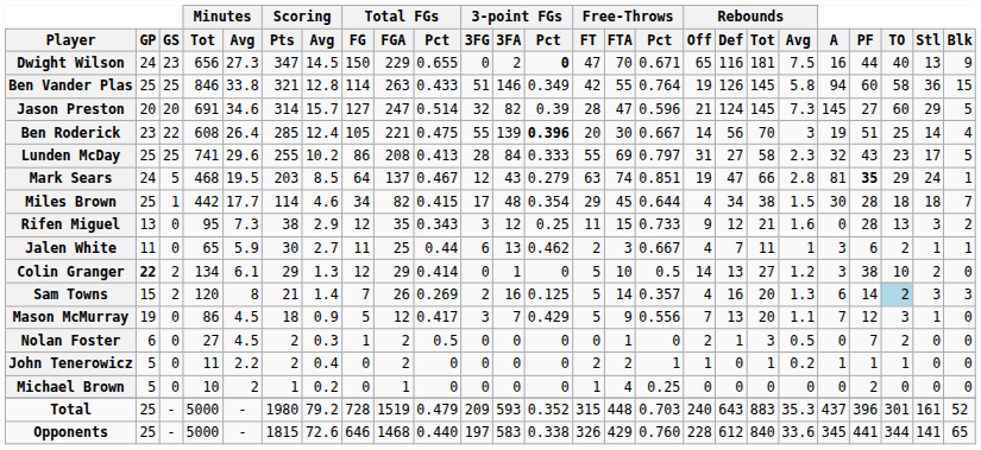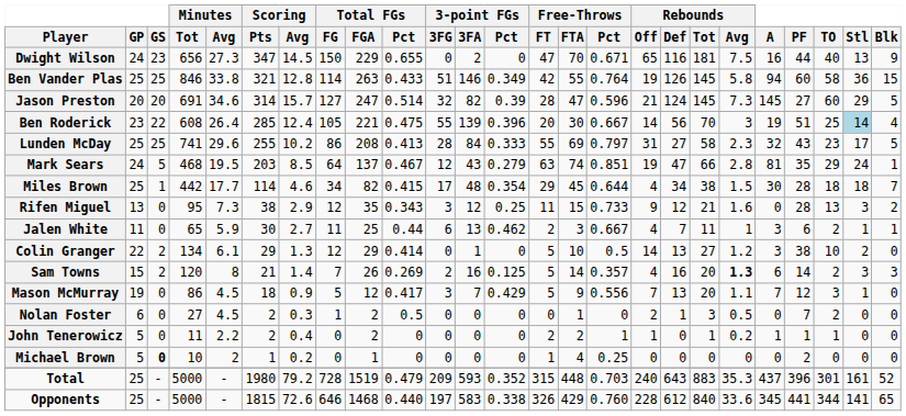 <table class="wikitable sortable" border="1" style="font-size:90%;">
 <tr>
 <th colspan="3" style="border-top-style:hidden; border-left-style:hidden; background: white;"></th>
 <th colspan="2" style=>Minutes</th>
 <th colspan="2" style=>Scoring</th>
 <th colspan="3" style=>Total FGs</th>
 <th colspan="3" style=>3-point FGs</th>
 <th colspan="3" style=>Free-Throws</th>
 <th colspan="4" style=>Rebounds</th>
 <th colspan="5" style="border-top-style:hidden; border-right-style:hidden; background: white;"></th>
 </tr>
 <tr>
 <th scope="col" style=>Player</th>
 <th scope="col" style=>GP</th>
 <th scope="col" style=>GS</th>
 <th scope="col" style=>Tot</th>
 <th scope="col" style=>Avg</th>
 <th scope="col" style=>Pts</th>
 <th scope="col" style=>Avg</th>
 <th scope="col" style=>FG</th>
 <th scope="col" style=>FGA</th>
 <th scope="col" style=>Pct</th>
 <th scope="col" style=>3FG</th>
 <th scope="col" style=>3FA</th>
 <th scope="col" style=>Pct</th>
 <th scope="col" style=>FT</th>
 <th scope="col" style=>FTA</th>
 <th scope="col" style=>Pct</th>
 <th scope="col" style=>Off</th>
 <th scope="col" style=>Def</th>
 <th scope="col" style=>Tot</th>
 <th scope="col" style=>Avg</th>
 <th scope="col" style=>A</th>
 <th scope="col" style=>PF</th>
 <th scope="col" style=>TO</th>
 <th scope="col" style=>Stl</th>
 <th scope="col" style=>Blk</th>
 </tr>
 <tr>
 <th>Dwight Wilson</th>
 <td align="right">24</td>
 <td align="right">23</td>
 <td align="right">656</td>
 <td align="right">27.3</td>
 <td align="right">347</td>
 <td align="right">14.5</td>
 <td align="right">150</td>
 <td align="right">229</td>
 <td align="right">0.655</td>
 <td align="right">0</td>
 <td align="right">2</td>
-<td align="right"><strong>0</strong></td>
+<td align="right">0</td>
 <td align="right">47</td>
 <td align="right">70</td>
 <td align="right">0.671</td>
 <td align="right">65</td>
 <td align="right">116</td>
 <td align="right">181</td>
 <td align="right">7.5</td>
 <td align="right">16</td>
 <td align="right">44</td>
 <td align="right">40</td>
 <td align="right">13</td>
 <td align="right">9</td>
 </tr>
 <tr>
 <th>Ben Vander Plas</th>
 <td align="right">25</td>
 <td align="right">25</td>
 <td align="right">846</td>
 <td align="right">33.8</td>
 <td align="right">321</td>
 <td align="right">12.8</td>
 <td align="right">114</td>
 <td align="right">263</td>
 <td align="right">0.433</td>
 <td align="right">51</td>
 <td align="right">146</td>
 <td align="right">0.349</td>
 <td align="right">42</td>
 <td align="right">55</td>
 <td align="right">0.764</td>
 <td align="right">19</td>
 <td align="right">126</td>
 <td align="right">145</td>
 <td align="right">5.8</td>
 <td align="right">94</td>
 <td align="right">60</td>
 <td align="right">58</td>
 <td align="right">36</td>
 <td align="right">15</td>
 </tr>
 <tr>
 <th>Jason Preston</th>
 <td align="right">20</td>
 <td align="right">20</td>
 <td align="right">691</td>
 <td align="right">34.6</td>
 <td align="right">314</td>
 <td align="right">15.7</td>
 <td align="right">127</td>
 <td align="right">247</td>
 <td align="right">0.514</td>
 <td align="right">32</td>
 <td align="right">82</td>
 <td align="right">0.39</td>
 <td align="right">28</td>
 <td align="right">47</td>
 <td align="right">0.596</td>
 <td align="right">21</td>
 <td align="right">124</td>
 <td align="right">145</td>
 <td align="right">7.3</td>
 <td align="right">145</td>
 <td align="right">27</td>
 <td align="right">60</td>
 <td align="right">29</td>
 <td align="right">5</td>
 </tr>
 <tr>
 <th>Ben Roderick</th>
 <td align="right">23</td>
 <td align="right">22</td>
 <td align="right">608</td>
 <td align="right">26.4</td>
 <td align="right">285</td>
 <td align="right">12.4</td>
 <td align="right">105</td>
 <td align="right">221</td>
 <td align="right">0.475</td>
 <td align="right">55</td>
 <td align="right">139</td>
-<td align="right"><strong>0.396</strong></td>
+<td align="right">0.396</td>
 <td align="right">20</td>
 <td align="right">30</td>
 <td align="right">0.667</td>
 <td align="right">14</td>
 <td align="right">56</td>
 <td align="right">70</td>
 <td align="right">3</td>
 <td align="right">19</td>
 <td align="right">51</td>
 <td align="right">25</td>
-<td align="right">14</td>
+<td align="right" style="background: lightblue;">14</td>
 <td align="right">4</td>
 </tr>
 <tr>
 <th>Lunden McDay</th>
 <td align="right">25</td>
 <td align="right">25</td>
 <td align="right">741</td>
 <td align="right">29.6</td>
 <td align="right">255</td>
 <td align="right">10.2</td>
 <td align="right">86</td>
 <td align="right">208</td>
 <td align="right">0.413</td>
 <td align="right">28</td>
 <td align="right">84</td>
 <td align="right">0.333</td>
 <td align="right">55</td>
 <td align="right">69</td>
 <td align="right">0.797</td>
 <td align="right">31</td>
 <td align="right">27</td>
 <td align="right">58</td>
 <td align="right">2.3</td>
 <td align="right">32</td>
 <td align="right">43</td>
 <td align="right">23</td>
 <td align="right">17</td>
 <td align="right">5</td>
 </tr>
 <tr>
 <th>Mark Sears</th>
 <td align="right">24</td>
 <td align="right">5</td>
 <td align="right">468</td>
 <td align="right">19.5</td>
 <td align="right">203</td>
 <td align="right">8.5</td>
 <td align="right">64</td>
 <td align="right">137</td>
 <td align="right">0.467</td>
 <td align="right">12</td>
 <td align="right">43</td>
 <td align="right">0.279</td>
 <td align="right">63</td>
 <td align="right">74</td>
 <td align="right">0.851</td>
 <td align="right">19</td>
 <td align="right">47</td>
 <td align="right">66</td>
 <td align="right">2.8</td>
 <td align="right">81</td>
-<td align="right"><strong>35</strong></td>
+<td align="right">35</td>
 <td align="right">29</td>
 <td align="right">24</td>
 <td align="right">1</td>
 </tr>
 <tr>
 <th>Miles Brown</th>
 <td align="right">25</td>
 <td align="right">1</td>
 <td align="right">442</td>
 <td align="right">17.7</td>
 <td align="right">114</td>
 <td align="right">4.6</td>
 <td align="right">34</td>
 <td align="right">82</td>
 <td align="right">0.415</td>
 <td align="right">17</td>
 <td align="right">48</td>
 <td align="right">0.354</td>
 <td align="right">29</td>
 <td align="right">45</td>
 <td align="right">0.644</td>
 <td align="right">4</td>
 <td align="right">34</td>
 <td align="right">38</td>
 <td align="right">1.5</td>
 <td align="right">30</td>
 <td align="right">28</td>
 <td align="right">18</td>
 <td align="right">18</td>
 <td align="right">7</td>
 </tr>
 <tr>
 <th>Rifen Miguel</th>
 <td align="right">13</td>
 <td align="right">0</td>
 <td align="right">95</td>
 <td align="right">7.3</td>
 <td align="right">38</td>
 <td align="right">2.9</td>
 <td align="right">12</td>
 <td align="right">35</td>
 <td align="right">0.343</td>
 <td align="right">3</td>
 <td align="right">12</td>
 <td align="right">0.25</td>
 <td align="right">11</td>
 <td align="right">15</td>
 <td align="right">0.733</td>
 <td align="right">9</td>
 <td align="right">12</td>
 <td align="right">21</td>
 <td align="right">1.6</td>
 <td align="right">0</td>
 <td align="right">28</td>
 <td align="right">13</td>
 <td align="right">3</td>
 <td align="right">2</td>
 </tr>
 <tr>
 <th>Jalen White</th>
 <td align="right">11</td>
 <td align="right">0</td>
 <td align="right">65</td>
 <td align="right">5.9</td>
 <td align="right">30</td>
 <td align="right">2.7</td>
 <td align="right">11</td>
 <td align="right">25</td>
 <td align="right">0.44</td>
 <td align="right">6</td>
 <td align="right">13</td>
 <td align="right">0.462</td>
 <td align="right">2</td>
 <td align="right">3</td>
 <td align="right">0.667</td>
 <td align="right">4</td>
 <td align="right">7</td>
 <td align="right">11</td>
 <td align="right">1</td>
 <td align="right">3</td>
 <td align="right">6</td>
 <td align="right">2</td>
 <td align="right">1</td>
 <td align="right">1</td>
 </tr>
 <tr>
 <th>Colin Granger</th>
-<td align="right"><strong>22</strong></td>
+<td align="right">22</td>
 <td align="right">2</td>
 <td align="right">134</td>
 <td align="right">6.1</td>
 <td align="right">29</td>
 <td align="right">1.3</td>
 <td align="right">12</td>
 <td align="right">29</td>
 <td align="right">0.414</td>
 <td align="right">0</td>
 <td align="right">1</td>
 <td align="right">0</td>
 <td align="right">5</td>
 <td align="right">10</td>
 <td align="right">0.5</td>
 <td align="right">14</td>
 <td align="right">13</td>
 <td align="right">27</td>
 <td align="right">1.2</td>
 <td align="right">3</td>
 <td align="right">38</td>
 <td align="right">10</td>
 <td align="right">2</td>
 <td align="right">0</td>
 </tr>
 <tr>
 <th>Sam Towns</th>
 <td align="right">15</td>
 <td align="right">2</td>
 <td align="right">120</td>
 <td align="right">8</td>
 <td align="right">21</td>
 <td align="right">1.4</td>
 <td align="right">7</td>
 <td align="right">26</td>
 <td align="right">0.269</td>
 <td align="right">2</td>
 <td align="right">16</td>
 <td align="right">0.125</td>
 <td align="right">5</td>
 <td align="right">14</td>
 <td align="right">0.357</td>
 <td align="right">4</td>
 <td align="right">16</td>
 <td align="right">20</td>
-<td align="right">1.3</td>
+<td align="right"><strong>1.3</strong></td>
 <td align="right">6</td>
 <td align="right">14</td>
-<td align="right" style="background: lightblue;">2</td>
+<td align="right">2</td>
 <td align="right">3</td>
 <td align="right">3</td>
 </tr>
 <tr>
 <th>Mason McMurray</th>
 <td align="right">19</td>
 <td align="right">0</td>
 <td align="right">86</td>
 <td align="right">4.5</td>
 <td align="right">18</td>
 <td align="right">0.9</td>
 <td align="right">5</td>
 <td align="right">12</td>
 <td align="right">0.417</td>
 <td align="right">3</td>
 <td align="right">7</td>
 <td align="right">0.429</td>
 <td align="right">5</td>
 <td align="right">9</td>
 <td align="right">0.556</td>
 <td align="right">7</td>
 <td align="right">13</td>
 <td align="right">20</td>
 <td align="right">1.1</td>
 <td align="right">7</td>
 <td align="right">12</td>
 <td align="right">3</td>
 <td align="right">1</td>
 <td align="right">0</td>
 </tr>
 <tr>
 <th>Nolan Foster</th>
 <td align="right">6</td>
 <td align="right">0</td>
 <td align="right">27</td>
 <td align="right">4.5</td>
 <td align="right">2</td>
 <td align="right">0.3</td>
 <td align="right">1</td>
 <td align="right">2</td>
 <td align="right">0.5</td>
 <td align="right">0</td>
 <td align="right">0</td>
 <td align="right">0</td>
 <td align="right">0</td>
 <td align="right">1</td>
 <td align="right">0</td>
 <td align="right">2</td>
 <td align="right">1</td>
 <td align="right">3</td>
 <td align="right">0.5</td>
 <td align="right">0</td>
 <td align="right">7</td>
 <td align="right">2</td>
 <td align="right">0</td>
 <td align="right">0</td>
 </tr>
 <tr>
 <th>John Tenerowicz</th>
 <td align="right">5</td>
 <td align="right">0</td>
 <td align="right">11</td>
 <td align="right">2.2</td>
 <td align="right">2</td>
 <td align="right">0.4</td>
 <td align="right">0</td>
 <td align="right">2</td>
 <td align="right">0</td>
 <td align="right">0</td>
 <td align="right">0</td>
 <td align="right">0</td>
 <td align="right">2</td>
 <td align="right">2</td>
 <td align="right">1</td>
 <td align="right">1</td>
 <td align="right">0</td>
 <td align="right">1</td>
 <td align="right">0.2</td>
 <td align="right">1</td>
 <td align="right">1</td>
 <td align="right">1</td>
 <td align="right">0</td>
 <td align="right">0</td>
 </tr>
 <tr>
 <th>Michael Brown</th>
 <td align="right">5</td>
-<td align="right">0</td>
+<td align="right"><strong>0</strong></td>
 <td align="right">10</td>
 <td align="right">2</td>
 <td align="right">1</td>
 <td align="right">0.2</td>
 <td align="right">0</td>
 <td align="right">1</td>
 <td align="right">0</td>
 <td align="right">0</td>
 <td align="right">0</td>
 <td align="right">0</td>
 <td align="right">1</td>
 <td align="right">4</td>
 <td align="right">0.25</td>
 <td align="right">0</td>
 <td align="right">0</td>
 <td align="right">0</td>
 <td align="right">0</td>
 <td align="right">0</td>
 <td align="right">2</td>
 <td align="right">0</td>
 <td align="right">0</td>
 <td align="right">0</td>
 </tr>
 <tr>
 </tr>
 <tr class="sortbottom">
 <td align="center" style=><strong>Total</strong></td>
 <td align="center" style=>25</td>
 <td align="center" style=>-</td>
 <td align="center" style=>5000</td>
 <td align="center" style=>-</td>
 <td align="center" style=>1980</td>
 <td align="center" style=>79.2</td>
 <td align="center" style=>728</td>
 <td align="center" style=>1519</td>
 <td align="center" style=>0.479</td>
 <td align="center" style=>209</td>
 <td align="center" style=>593</td>
 <td align="center" style=>0.352</td>
 <td align="center" style=>315</td>
 <td align="center" style=>448</td>
 <td align="center" style=>0.703</td>
 <td align="center" style=>240</td>
 <td align="center" style=>643</td>
 <td align="center" style=>883</td>
 <td align="center" style=>35.3</td>
 <td align="center" style=>437</td>
 <td align="center" style=>396</td>
 <td align="center" style=>301</td>
 <td align="center" style=>161</td>
 <td align="center" style=>52</td>
 </tr>
 <tr class="sortbottom">
 <td align="center"><strong>Opponents</strong></td>
 <td align="center">25</td>
 <td align="center">-</td>
 <td align="center">5000</td>
 <td align="center">-</td>
 <td align="center">1815</td>
 <td align="center">72.6</td>
 <td align="center">646</td>
 <td align="center">1468</td>
 <td align="center">0.440</td>
 <td align="center">197</td>
 <td align="center">583</td>
 <td align="center">0.338</td>
 <td align="center">326</td>
 <td align="center">429</td>
 <td align="center">0.760</td>
 <td align="center">228</td>
 <td align="center">612</td>
 <td align="center">840</td>
 <td align="center">33.6</td>
 <td align="center">345</td>
 <td align="center">441</td>
 <td align="center">344</td>
 <td align="center">141</td>
 <td align="center">65</td>
 </tr>
 </table>
